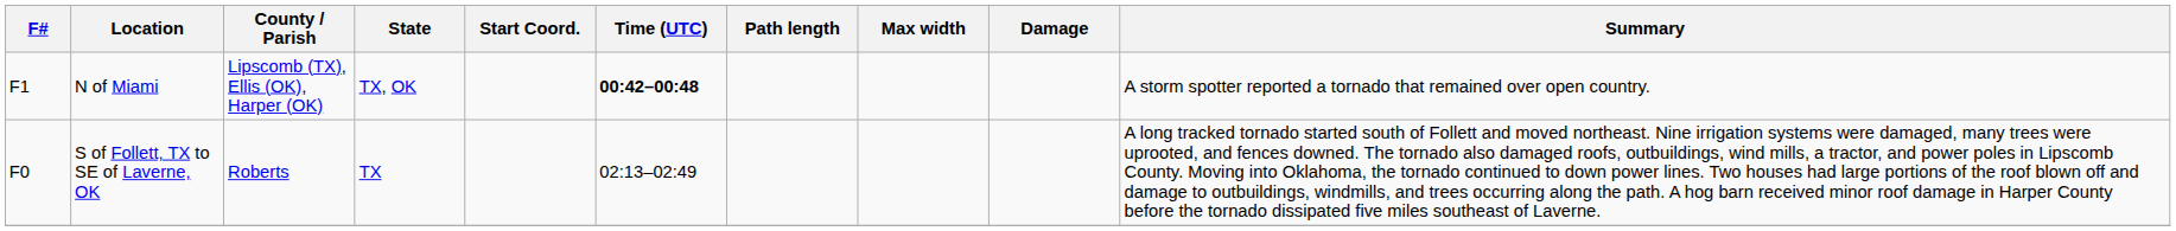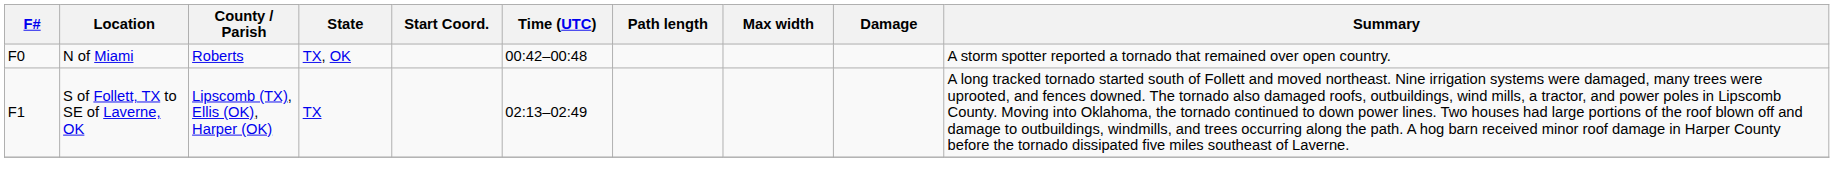 <table class="wikitable sortable" style="width:100%;">
 <tr>
 <th scope="col"  style="width:3%; text-align:center;"><a href='#'>F#</a></th>
 <th scope="col"  style="width:7%; text-align:center;" class="unsortable">Location</th>
 <th scope="col"  style="width:6%; text-align:center;" class="unsortable">County / Parish</th>
 <th scope="col"  style="width:5%; text-align:center;">State</th>
 <th scope="col"  style="width:6%; text-align:center;">Start Coord.</th>
 <th scope="col"  style="width:6%; text-align:center;">Time (<a href='#'>UTC</a>)</th>
 <th scope="col"  style="width:6%; text-align:center;">Path length</th>
 <th scope="col"  style="width:6%; text-align:center;">Max width</th>
 <th scope="col"  style="width:6%; text-align:center;">Damage</th>
 <th scope="col" class="unsortable" style="width:48%; text-align:center;">Summary</th>
 </tr>
 <tr>
-<td>F1</td>
+<td>F0</td>
 <td>N of <a href='#'>Miami</a></td>
-<td><a href='#'>Lipscomb (TX)</a>, <a href='#'>Ellis (OK)</a>, <a href='#'>Harper (OK)</a></td>
+<td><a href='#'>Roberts</a></td>
 <td><a href='#'>TX</a>, <a href='#'>OK</a></td>
 <td></td>
-<td><strong>00:42–00:48</strong></td>
+<td>00:42–00:48</td>
 <td></td>
 <td></td>
 <td></td>
 <td>A storm spotter reported a tornado that remained over open country.</td>
 </tr>
 <tr>
-<td>F0</td>
+<td>F1</td>
 <td>S of <a href='#'>Follett, TX</a> to SE of <a href='#'>Laverne, OK</a></td>
-<td><a href='#'>Roberts</a></td>
+<td><a href='#'>Lipscomb (TX)</a>, <a href='#'>Ellis (OK)</a>, <a href='#'>Harper (OK)</a></td>
 <td><a href='#'>TX</a></td>
 <td></td>
 <td>02:13–02:49</td>
 <td></td>
 <td></td>
 <td></td>
 <td>A long tracked tornado started south of Follett and moved northeast. Nine irrigation systems were damaged, many trees were uprooted, and fences downed. The tornado also damaged roofs, outbuildings, wind mills, a tractor, and power poles in Lipscomb County. Moving into Oklahoma, the tornado continued to down power lines. Two houses had large portions of the roof blown off and damage to outbuildings, windmills, and trees occurring along the path. A hog barn received minor roof damage in Harper County before the tornado dissipated five miles southeast of Laverne.</td>
 </tr>
 <tr>
 </tr>
 </table>
